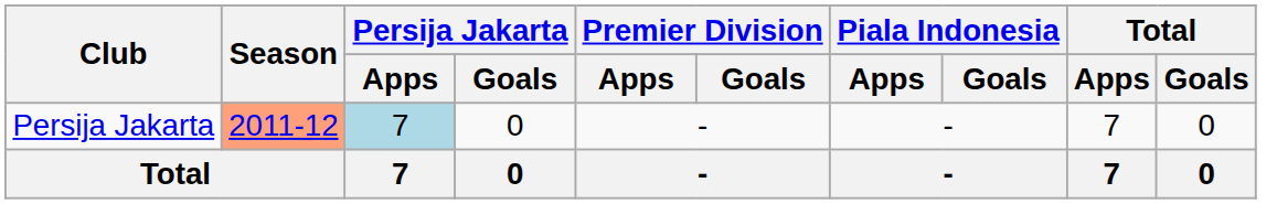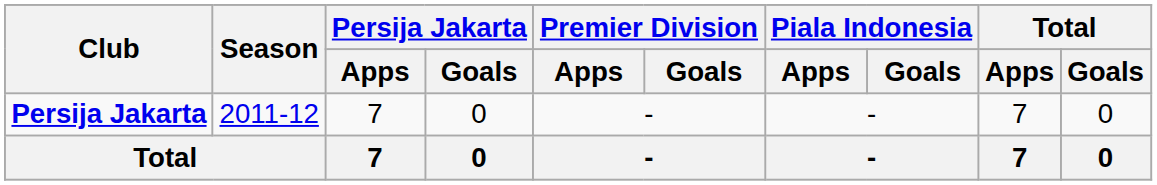 <table class="wikitable" style="font-size:90%; text-align:center;">
 <tr>
 <th rowspan="2">Club</th>
 <th rowspan="2">Season</th>
 <th colspan="2"><a href='#'>Persija Jakarta</a></th>
 <th colspan="2"><a href='#'>Premier Division</a></th>
 <th colspan="2"><a href='#'>Piala Indonesia</a></th>
 <th colspan="2">Total</th>
 </tr>
 <tr>
 <th>Apps</th>
 <th>Goals</th>
 <th>Apps</th>
 <th>Goals</th>
 <th>Apps</th>
 <th>Goals</th>
 <th>Apps</th>
 <th>Goals</th>
 </tr>
 <tr>
-<td rowspan="1"><a href='#'>Persija Jakarta</a></td>
-<td style="background: lightsalmon;"><a href='#'>2011-12</a></td>
-<td style="background: lightblue;">7</td>
+<td rowspan="1"><strong><a href='#'>Persija Jakarta</a></strong></td>
+<td><a href='#'>2011-12</a></td>
+<td>7</td>
 <td>0</td>
 <td colspan="2">-</td>
 <td colspan="2">-</td>
 <td>7</td>
 <td>0</td>
 </tr>
 <tr>
 <th colspan="2">Total</th>
 <th>7</th>
 <th>0</th>
 <th colspan="2">-</th>
 <th colspan="2">-</th>
 <th>7</th>
 <th>0</th>
 </tr>
 </table>
